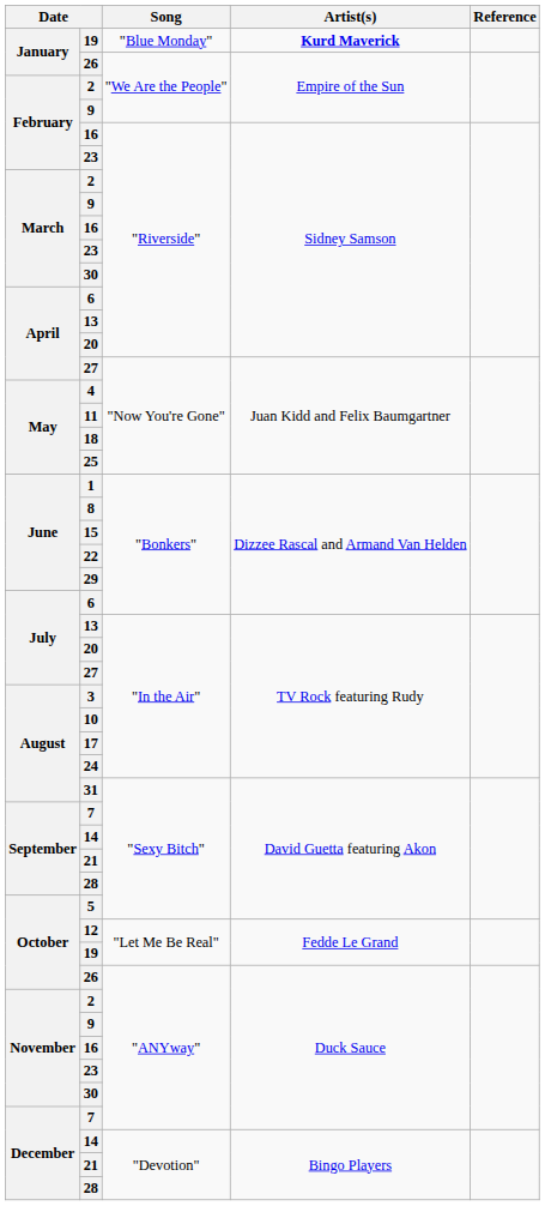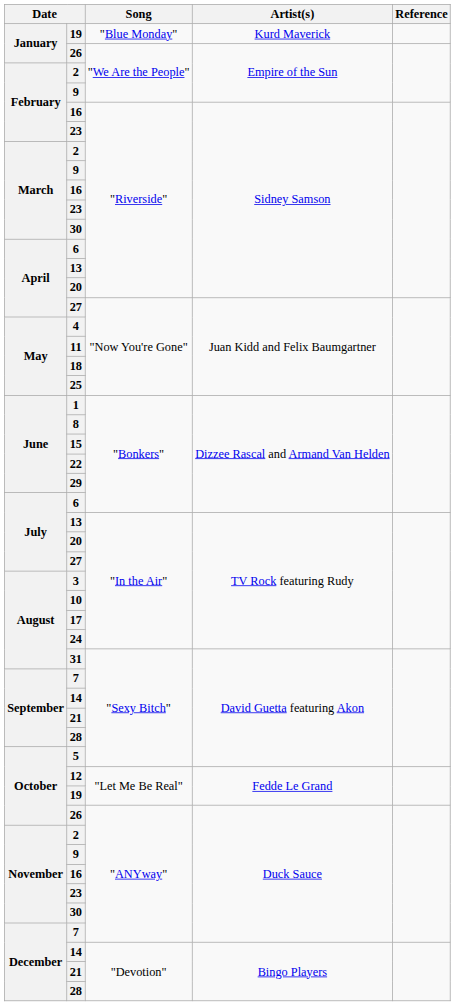 <table class="wikitable">
 <tr>
 <th colspan="2">Date</th>
 <th>Song</th>
 <th>Artist(s)</th>
 <th>Reference</th>
 </tr>
 <tr>
 <th rowspan="2">January</th>
 <th>19</th>
 <td align="center">"<a href='#'>Blue Monday</a>"</td>
-<td align="center"><strong><a href='#'>Kurd Maverick</a></strong></td>
+<td align="center"><a href='#'>Kurd Maverick</a></td>
 <td align="center"></td>
 </tr>
 <tr>
 <th>26</th>
 <td rowspan="3" align="center">"<a href='#'>We Are the People</a>"</td>
 <td rowspan="3" align="center"><a href='#'>Empire of the Sun</a></td>
 <td rowspan="3" align="center"></td>
 </tr>
 <tr>
 <th rowspan="4">February</th>
 <th>2</th>
 </tr>
 <tr>
 <th>9</th>
 </tr>
 <tr>
 <th>16</th>
 <td rowspan="10" align="center">"<a href='#'>Riverside</a>"</td>
 <td rowspan="10" align="center"><a href='#'>Sidney Samson</a></td>
 <td rowspan="10" align="center"></td>
 </tr>
 <tr>
 <th>23</th>
 </tr>
 <tr>
 <th rowspan="5">March</th>
 <th>2</th>
 </tr>
 <tr>
 <th>9</th>
 </tr>
 <tr>
 <th>16</th>
 </tr>
 <tr>
 <th>23</th>
 </tr>
 <tr>
 <th>30</th>
 </tr>
 <tr>
 <th rowspan="4">April</th>
 <th>6</th>
 </tr>
 <tr>
 <th>13</th>
 </tr>
 <tr>
 <th>20</th>
 </tr>
 <tr>
 <th>27</th>
 <td rowspan="5" align="center">"Now You're Gone"</td>
 <td rowspan="5" align="center">Juan Kidd and Felix Baumgartner</td>
 <td rowspan="5" align="center"></td>
 </tr>
 <tr>
 <th rowspan="4">May</th>
 <th>4</th>
 </tr>
 <tr>
 <th>11</th>
 </tr>
 <tr>
 <th>18</th>
 </tr>
 <tr>
 <th>25</th>
 </tr>
 <tr>
 <th rowspan="5">June</th>
 <th>1</th>
 <td rowspan="6" align="center">"<a href='#'>Bonkers</a>"</td>
 <td rowspan="6" align="center"><a href='#'>Dizzee Rascal</a> and <a href='#'>Armand Van Helden</a></td>
 <td rowspan="6" align="center"></td>
 </tr>
 <tr>
 <th>8</th>
 </tr>
 <tr>
 <th>15</th>
 </tr>
 <tr>
 <th>22</th>
 </tr>
 <tr>
 <th>29</th>
 </tr>
 <tr>
 <th rowspan="4">July</th>
 <th>6</th>
 </tr>
 <tr>
 <th>13</th>
 <td rowspan="7" align="center">"<a href='#'>In the Air</a>"</td>
 <td rowspan="7" align="center"><a href='#'>TV Rock</a> featuring Rudy</td>
 <td rowspan="7" align="center"></td>
 </tr>
 <tr>
 <th>20</th>
 </tr>
 <tr>
 <th>27</th>
 </tr>
 <tr>
 <th rowspan="5">August</th>
 <th>3</th>
 </tr>
 <tr>
 <th>10</th>
 </tr>
 <tr>
 <th>17</th>
 </tr>
 <tr>
 <th>24</th>
 </tr>
 <tr>
 <th>31</th>
 <td rowspan="6" align="center">"<a href='#'>Sexy Bitch</a>"</td>
 <td rowspan="6" align="center"><a href='#'>David Guetta</a> featuring <a href='#'>Akon</a></td>
 <td rowspan="6" align="center"></td>
 </tr>
 <tr>
 <th rowspan="4">September</th>
 <th>7</th>
 </tr>
 <tr>
 <th>14</th>
 </tr>
 <tr>
 <th>21</th>
 </tr>
 <tr>
 <th>28</th>
 </tr>
 <tr>
 <th rowspan="4">October</th>
 <th>5</th>
 </tr>
 <tr>
 <th>12</th>
 <td rowspan="2" align="center">"Let Me Be Real"</td>
 <td rowspan="2" align="center"><a href='#'>Fedde Le Grand</a></td>
 <td rowspan="2" align="center"></td>
 </tr>
 <tr>
 <th>19</th>
 </tr>
 <tr>
 <th>26</th>
 <td rowspan="7" align="center">"<a href='#'>ANYway</a>"</td>
 <td rowspan="7" align="center"><a href='#'>Duck Sauce</a></td>
 <td rowspan="7" align="center"></td>
 </tr>
 <tr>
 <th rowspan="5">November</th>
 <th>2</th>
 </tr>
 <tr>
 <th>9</th>
 </tr>
 <tr>
 <th>16</th>
 </tr>
 <tr>
 <th>23</th>
 </tr>
 <tr>
 <th>30</th>
 </tr>
 <tr>
 <th rowspan="4">December</th>
 <th>7</th>
 </tr>
 <tr>
 <th>14</th>
 <td rowspan="3" align="center">"Devotion"</td>
 <td rowspan="3" align="center"><a href='#'>Bingo Players</a></td>
 <td rowspan="3" align="center"></td>
 </tr>
 <tr>
 <th>21</th>
 </tr>
 <tr>
 <th>28</th>
 </tr>
 </table>
